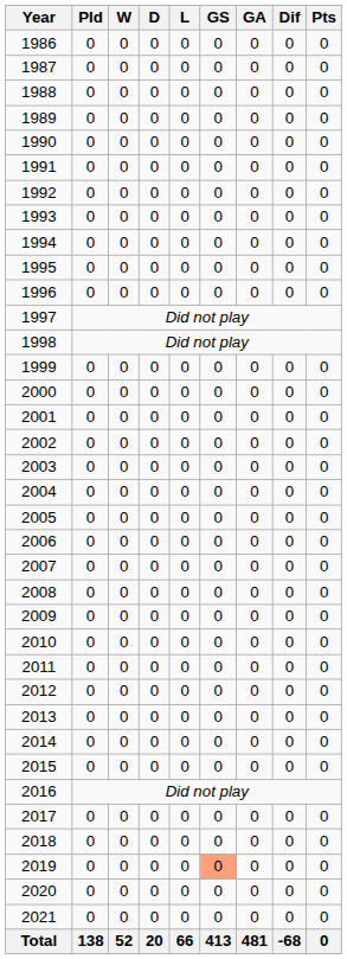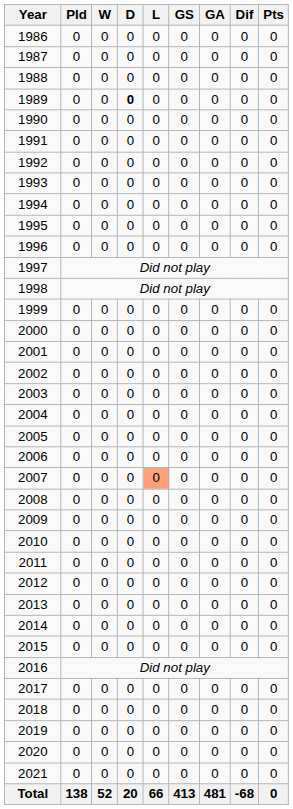 <table class="wikitable sortable" width=55% style="text-align:center">
 <tr>
 <th width=20%>Year</th>
 <th width=35>Pld</th>
 <th width=35>W</th>
 <th width=35>D</th>
 <th width=35>L</th>
 <th width=35>GS</th>
 <th width=35>GA</th>
 <th width=35>Dif</th>
 <th width=35>Pts</th>
 </tr>
 <tr>
 <td style="text-align:center;">1986</td>
 <td>0</td>
 <td>0</td>
 <td>0</td>
 <td>0</td>
 <td>0</td>
 <td>0</td>
 <td>0</td>
 <td>0</td>
 </tr>
 <tr>
 <td style="text-align:center;">1987</td>
 <td>0</td>
 <td>0</td>
 <td>0</td>
 <td>0</td>
 <td>0</td>
 <td>0</td>
 <td>0</td>
 <td>0</td>
 </tr>
 <tr>
 <td style="text-align:center;">1988</td>
 <td>0</td>
 <td>0</td>
 <td>0</td>
 <td>0</td>
 <td>0</td>
 <td>0</td>
 <td>0</td>
 <td>0</td>
 </tr>
 <tr>
 <td style="text-align:center;">1989</td>
 <td>0</td>
 <td>0</td>
-<td>0</td>
+<td><strong>0</strong></td>
 <td>0</td>
 <td>0</td>
 <td>0</td>
 <td>0</td>
 <td>0</td>
 </tr>
 <tr>
 <td style="text-align:center;">1990</td>
 <td>0</td>
 <td>0</td>
 <td>0</td>
 <td>0</td>
 <td>0</td>
 <td>0</td>
 <td>0</td>
 <td>0</td>
 </tr>
 <tr>
 <td style="text-align:center;">1991</td>
 <td>0</td>
 <td>0</td>
 <td>0</td>
 <td>0</td>
 <td>0</td>
 <td>0</td>
 <td>0</td>
 <td>0</td>
 </tr>
 <tr>
 <td style="text-align:center;">1992</td>
 <td>0</td>
 <td>0</td>
 <td>0</td>
 <td>0</td>
 <td>0</td>
 <td>0</td>
 <td>0</td>
 <td>0</td>
 </tr>
 <tr>
 <td style="text-align:center;">1993</td>
 <td>0</td>
 <td>0</td>
 <td>0</td>
 <td>0</td>
 <td>0</td>
 <td>0</td>
 <td>0</td>
 <td>0</td>
 </tr>
 <tr>
 <td style="text-align:center;">1994</td>
 <td>0</td>
 <td>0</td>
 <td>0</td>
 <td>0</td>
 <td>0</td>
 <td>0</td>
 <td>0</td>
 <td>0</td>
 </tr>
 <tr>
 <td style="text-align:center;">1995</td>
 <td>0</td>
 <td>0</td>
 <td>0</td>
 <td>0</td>
 <td>0</td>
 <td>0</td>
 <td>0</td>
 <td>0</td>
 </tr>
 <tr>
 <td style="text-align:center;">1996</td>
 <td>0</td>
 <td>0</td>
 <td>0</td>
 <td>0</td>
 <td>0</td>
 <td>0</td>
 <td>0</td>
 <td>0</td>
 </tr>
 <tr>
 <td style="text-align:center;">1997</td>
 <td colspan=8><em>Did not play</em></td>
 </tr>
 <tr>
 <td style="text-align:center;">1998</td>
 <td colspan=8><em>Did not play</em></td>
 </tr>
 <tr>
 <td style="text-align:center;">1999</td>
 <td>0</td>
 <td>0</td>
 <td>0</td>
 <td>0</td>
 <td>0</td>
 <td>0</td>
 <td>0</td>
 <td>0</td>
 </tr>
 <tr>
 <td style="text-align:center;">2000</td>
 <td>0</td>
 <td>0</td>
 <td>0</td>
 <td>0</td>
 <td>0</td>
 <td>0</td>
 <td>0</td>
 <td>0</td>
 </tr>
 <tr>
 <td style="text-align:center;">2001</td>
 <td>0</td>
 <td>0</td>
 <td>0</td>
 <td>0</td>
 <td>0</td>
 <td>0</td>
 <td>0</td>
 <td>0</td>
 </tr>
 <tr>
 <td style="text-align:center;">2002</td>
 <td>0</td>
 <td>0</td>
 <td>0</td>
 <td>0</td>
 <td>0</td>
 <td>0</td>
 <td>0</td>
 <td>0</td>
 </tr>
 <tr>
 <td style="text-align:center;">2003</td>
 <td>0</td>
 <td>0</td>
 <td>0</td>
 <td>0</td>
 <td>0</td>
 <td>0</td>
 <td>0</td>
 <td>0</td>
 </tr>
 <tr>
 <td style="text-align:center;">2004</td>
 <td>0</td>
 <td>0</td>
 <td>0</td>
 <td>0</td>
 <td>0</td>
 <td>0</td>
 <td>0</td>
 <td>0</td>
 </tr>
 <tr>
 <td style="text-align:center;">2005</td>
 <td>0</td>
 <td>0</td>
 <td>0</td>
 <td>0</td>
 <td>0</td>
 <td>0</td>
 <td>0</td>
 <td>0</td>
 </tr>
 <tr>
 <td style="text-align:center;">2006</td>
 <td>0</td>
 <td>0</td>
 <td>0</td>
 <td>0</td>
 <td>0</td>
 <td>0</td>
 <td>0</td>
 <td>0</td>
 </tr>
 <tr>
 <td style="text-align:center;">2007</td>
 <td>0</td>
 <td>0</td>
 <td>0</td>
-<td>0</td>
+<td style="background: lightsalmon;">0</td>
 <td>0</td>
 <td>0</td>
 <td>0</td>
 <td>0</td>
 </tr>
 <tr>
 <td style="text-align:center;">2008</td>
 <td>0</td>
 <td>0</td>
 <td>0</td>
 <td>0</td>
 <td>0</td>
 <td>0</td>
 <td>0</td>
 <td>0</td>
 </tr>
 <tr>
 <td style="text-align:center;">2009</td>
 <td>0</td>
 <td>0</td>
 <td>0</td>
 <td>0</td>
 <td>0</td>
 <td>0</td>
 <td>0</td>
 <td>0</td>
 </tr>
 <tr>
 <td style="text-align:center;">2010</td>
 <td>0</td>
 <td>0</td>
 <td>0</td>
 <td>0</td>
 <td>0</td>
 <td>0</td>
 <td>0</td>
 <td>0</td>
 </tr>
 <tr>
 <td style="text-align:center;">2011</td>
 <td>0</td>
 <td>0</td>
 <td>0</td>
 <td>0</td>
 <td>0</td>
 <td>0</td>
 <td>0</td>
 <td>0</td>
 </tr>
 <tr>
 <td style="text-align:center;">2012</td>
 <td>0</td>
 <td>0</td>
 <td>0</td>
 <td>0</td>
 <td>0</td>
 <td>0</td>
 <td>0</td>
 <td>0</td>
 </tr>
 <tr>
 <td style="text-align:center;">2013</td>
 <td>0</td>
 <td>0</td>
 <td>0</td>
 <td>0</td>
 <td>0</td>
 <td>0</td>
 <td>0</td>
 <td>0</td>
 </tr>
 <tr>
 <td style="text-align:center;">2014</td>
 <td>0</td>
 <td>0</td>
 <td>0</td>
 <td>0</td>
 <td>0</td>
 <td>0</td>
 <td>0</td>
 <td>0</td>
 </tr>
 <tr>
 <td style="text-align:center;">2015</td>
 <td>0</td>
 <td>0</td>
 <td>0</td>
 <td>0</td>
 <td>0</td>
 <td>0</td>
 <td>0</td>
 <td>0</td>
 </tr>
 <tr>
 <td style="text-align:center;">2016</td>
 <td colspan=8><em>Did not play</em></td>
 </tr>
 <tr>
 <td style="text-align:center;">2017</td>
 <td>0</td>
 <td>0</td>
 <td>0</td>
 <td>0</td>
 <td>0</td>
 <td>0</td>
 <td>0</td>
 <td>0</td>
 </tr>
 <tr>
 <td style="text-align:center;">2018</td>
 <td>0</td>
 <td>0</td>
 <td>0</td>
 <td>0</td>
 <td>0</td>
 <td>0</td>
 <td>0</td>
 <td>0</td>
 </tr>
 <tr>
 <td style="text-align:center;">2019</td>
 <td>0</td>
 <td>0</td>
 <td>0</td>
 <td>0</td>
-<td style="background: lightsalmon;">0</td>
+<td>0</td>
 <td>0</td>
 <td>0</td>
 <td>0</td>
 </tr>
 <tr>
 <td style="text-align:center;">2020</td>
 <td>0</td>
 <td>0</td>
 <td>0</td>
 <td>0</td>
 <td>0</td>
 <td>0</td>
 <td>0</td>
 <td>0</td>
 </tr>
 <tr>
 <td style="text-align:center;">2021</td>
 <td>0</td>
 <td>0</td>
 <td>0</td>
 <td>0</td>
 <td>0</td>
 <td>0</td>
 <td>0</td>
 <td>0</td>
 </tr>
 <tr>
 <th align=center colspan="1">Total</th>
 <th>138</th>
 <th>52</th>
 <th>20</th>
 <th>66</th>
 <th>413</th>
 <th>481</th>
 <th>-68</th>
 <th>0</th>
 </tr>
 </table>
